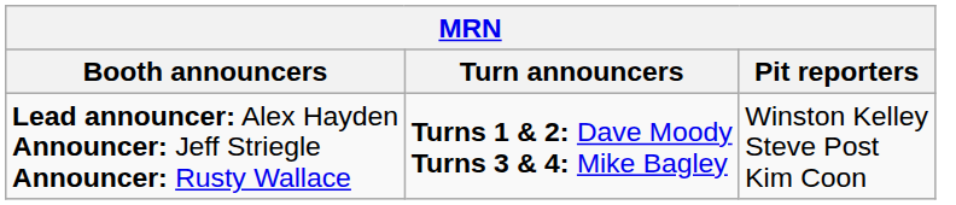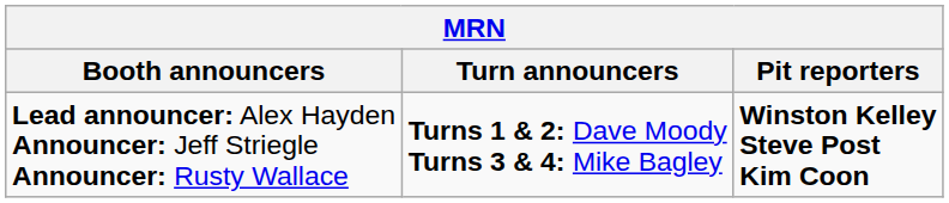 <table class="wikitable" style="font-size: 95%;">
 <tr>
 <th colspan="3"><a href='#'>MRN</a></th>
 </tr>
 <tr>
 <th>Booth announcers</th>
 <th>Turn announcers</th>
 <th>Pit reporters</th>
 </tr>
 <tr>
 <td><strong>Lead announcer:</strong> Alex Hayden<br><strong>Announcer:</strong> Jeff Striegle<br><strong>Announcer:</strong> <a href='#'>Rusty Wallace</a></td>
 <td><strong>Turns 1 & 2:</strong> <a href='#'>Dave Moody</a><br><strong>Turns 3 & 4:</strong> <a href='#'>Mike Bagley</a></td>
-<td>Winston Kelley<br>Steve Post<br>Kim Coon</td>
+<td><strong>Winston Kelley<br>Steve Post<br>Kim Coon</strong></td>
 </tr>
 </table>
